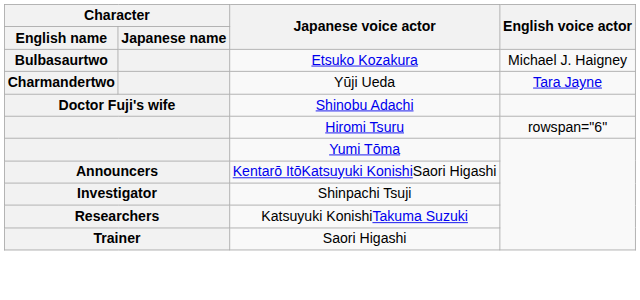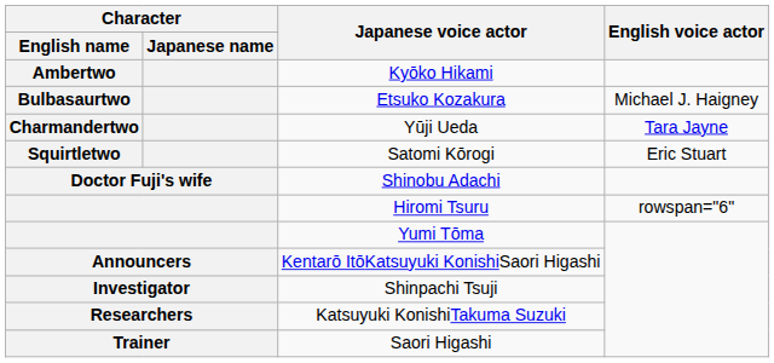 <table class="wikitable plainrowheaders" style="text-align:center;">
 <tr>
 <th colspan="2">Character</th>
 <th rowspan="2">Japanese voice actor</th>
 <th rowspan="2">English voice actor</th>
 </tr>
 <tr>
 <th>English name</th>
 <th>Japanese name</th>
+</tr>
+<tr>
+<th scope="row">Ambertwo</th>
+<th scope="row"></th>
+<td><a href='#'>Kyōko Hikami</a></td>
+<td></td>
 </tr>
 <tr>
 <th scope="row">Bulbasaurtwo</th>
 <th scope="row"></th>
 <td><a href='#'>Etsuko Kozakura</a></td>
 <td>Michael J. Haigney</td>
 </tr>
 <tr>
 <th scope="row">Charmandertwo</th>
 <th scope="row"></th>
 <td>Yūji Ueda</td>
 <td><a href='#'>Tara Jayne</a></td>
+</tr>
+<tr>
+<th scope="row">Squirtletwo</th>
+<th scope="row"></th>
+<td>Satomi Kōrogi</td>
+<td>Eric Stuart</td>
 </tr>
 <tr>
 <th colspan="2" scope="row">Doctor Fuji's wife</th>
 <td><a href='#'>Shinobu Adachi</a></td>
 <td></td>
 </tr>
 <tr>
 <th colspan="2" scope="row"></th>
 <td><a href='#'>Hiromi Tsuru</a></td>
 <td>rowspan="6" </td>
 </tr>
 <tr>
 <th colspan="2" scope="row"></th>
 <td><a href='#'>Yumi Tōma</a></td>
 </tr>
 <tr>
 <th colspan="2" scope="row">Announcers</th>
 <td><a href='#'>Kentarō Itō</a><a href='#'>Katsuyuki Konishi</a>Saori Higashi</td>
 </tr>
 <tr>
 <th colspan="2" scope="row">Investigator</th>
 <td>Shinpachi Tsuji</td>
 </tr>
 <tr>
 <th colspan="2" scope="row">Researchers</th>
 <td>Katsuyuki Konishi<a href='#'>Takuma Suzuki</a></td>
 </tr>
 <tr>
 <th colspan="2" scope="row">Trainer</th>
 <td>Saori Higashi</td>
 </tr>
 </table>
